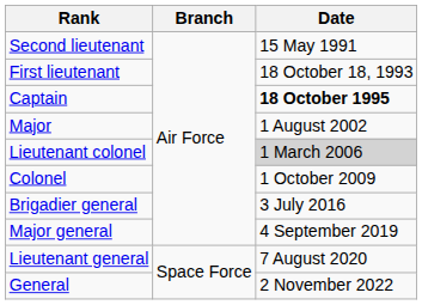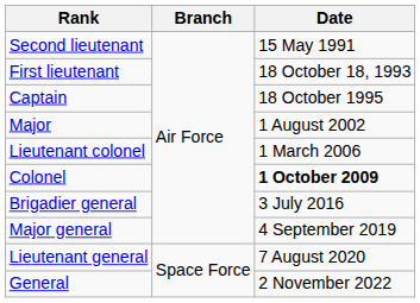 <table class="wikitable">
 <tr>
 <th>Rank</th>
 <th>Branch</th>
 <th>Date</th>
 </tr>
 <tr>
 <td> <a href='#'>Second lieutenant</a></td>
 <td rowspan=8>Air Force</td>
 <td>15 May 1991</td>
 </tr>
 <tr>
 <td> <a href='#'>First lieutenant</a></td>
 <td>18 October 18, 1993</td>
 </tr>
 <tr>
 <td> <a href='#'>Captain</a></td>
-<td><strong>18 October 1995</strong></td>
+<td>18 October 1995</td>
 </tr>
 <tr>
 <td> <a href='#'>Major</a></td>
 <td>1 August 2002</td>
 </tr>
 <tr>
 <td> <a href='#'>Lieutenant colonel</a></td>
-<td style="background: lightgrey;">1 March 2006</td>
+<td>1 March 2006</td>
 </tr>
 <tr>
 <td> <a href='#'>Colonel</a></td>
-<td>1 October 2009</td>
+<td><strong>1 October 2009</strong></td>
 </tr>
 <tr>
 <td> <a href='#'>Brigadier general</a></td>
 <td>3 July 2016</td>
 </tr>
 <tr>
 <td> <a href='#'>Major general</a></td>
 <td>4 September 2019</td>
 </tr>
 <tr>
 <td> <a href='#'>Lieutenant general</a></td>
 <td rowspan=2>Space Force</td>
 <td>7 August 2020</td>
 </tr>
 <tr>
 <td> <a href='#'>General</a></td>
 <td>2 November 2022</td>
 </tr>
 </table>
